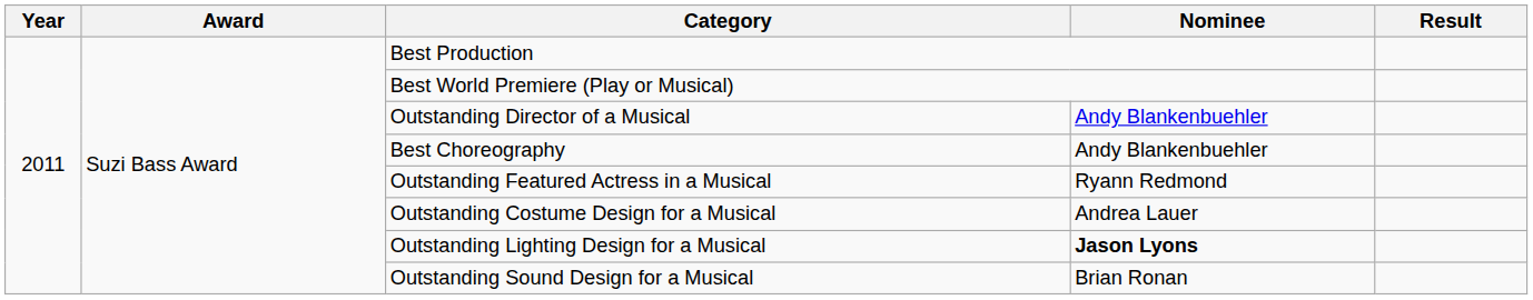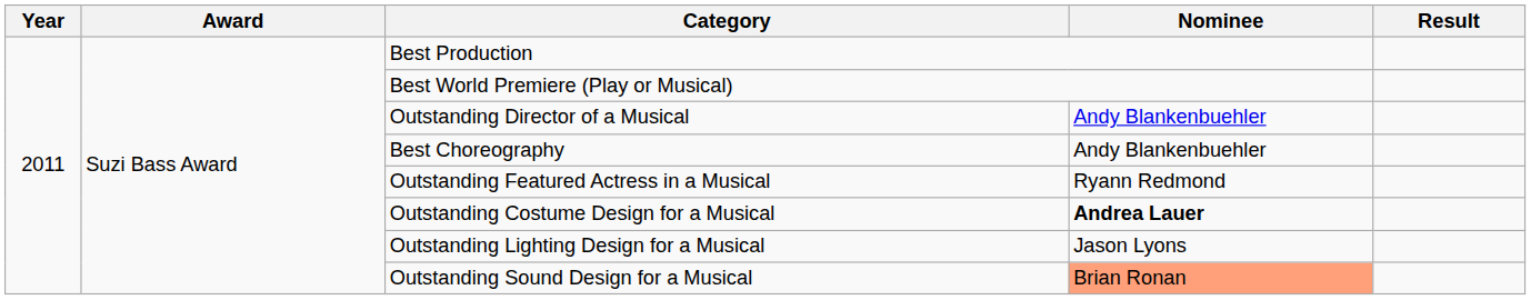 <table class="wikitable" width="95%">
 <tr>
 <th width="5%">Year</th>
 <th width="20%">Award</th>
 <th width="45%">Category</th>
 <th width="20%">Nominee</th>
 <th width="10%">Result</th>
 </tr>
 <tr>
 <td rowspan="8" align="center">2011</td>
 <td rowspan="8">Suzi Bass Award</td>
 <td colspan="2">Best Production</td>
 <td></td>
 </tr>
 <tr>
 <td colspan="2">Best World Premiere (Play or Musical)</td>
 <td></td>
 </tr>
 <tr>
 <td>Outstanding Director of a Musical</td>
 <td><a href='#'>Andy Blankenbuehler</a></td>
 <td></td>
 </tr>
 <tr>
 <td>Best Choreography</td>
 <td>Andy Blankenbuehler</td>
 <td></td>
 </tr>
 <tr>
 <td>Outstanding Featured Actress in a Musical</td>
 <td>Ryann Redmond</td>
 <td></td>
 </tr>
 <tr>
 <td>Outstanding Costume Design for a Musical</td>
-<td>Andrea Lauer</td>
+<td><strong>Andrea Lauer</strong></td>
 <td></td>
 </tr>
 <tr>
 <td>Outstanding Lighting Design for a Musical</td>
-<td><strong>Jason Lyons</strong></td>
+<td>Jason Lyons</td>
 <td></td>
 </tr>
 <tr>
 <td>Outstanding Sound Design for a Musical</td>
-<td>Brian Ronan</td>
+<td style="background: lightsalmon;">Brian Ronan</td>
 <td></td>
 </tr>
 </table>
